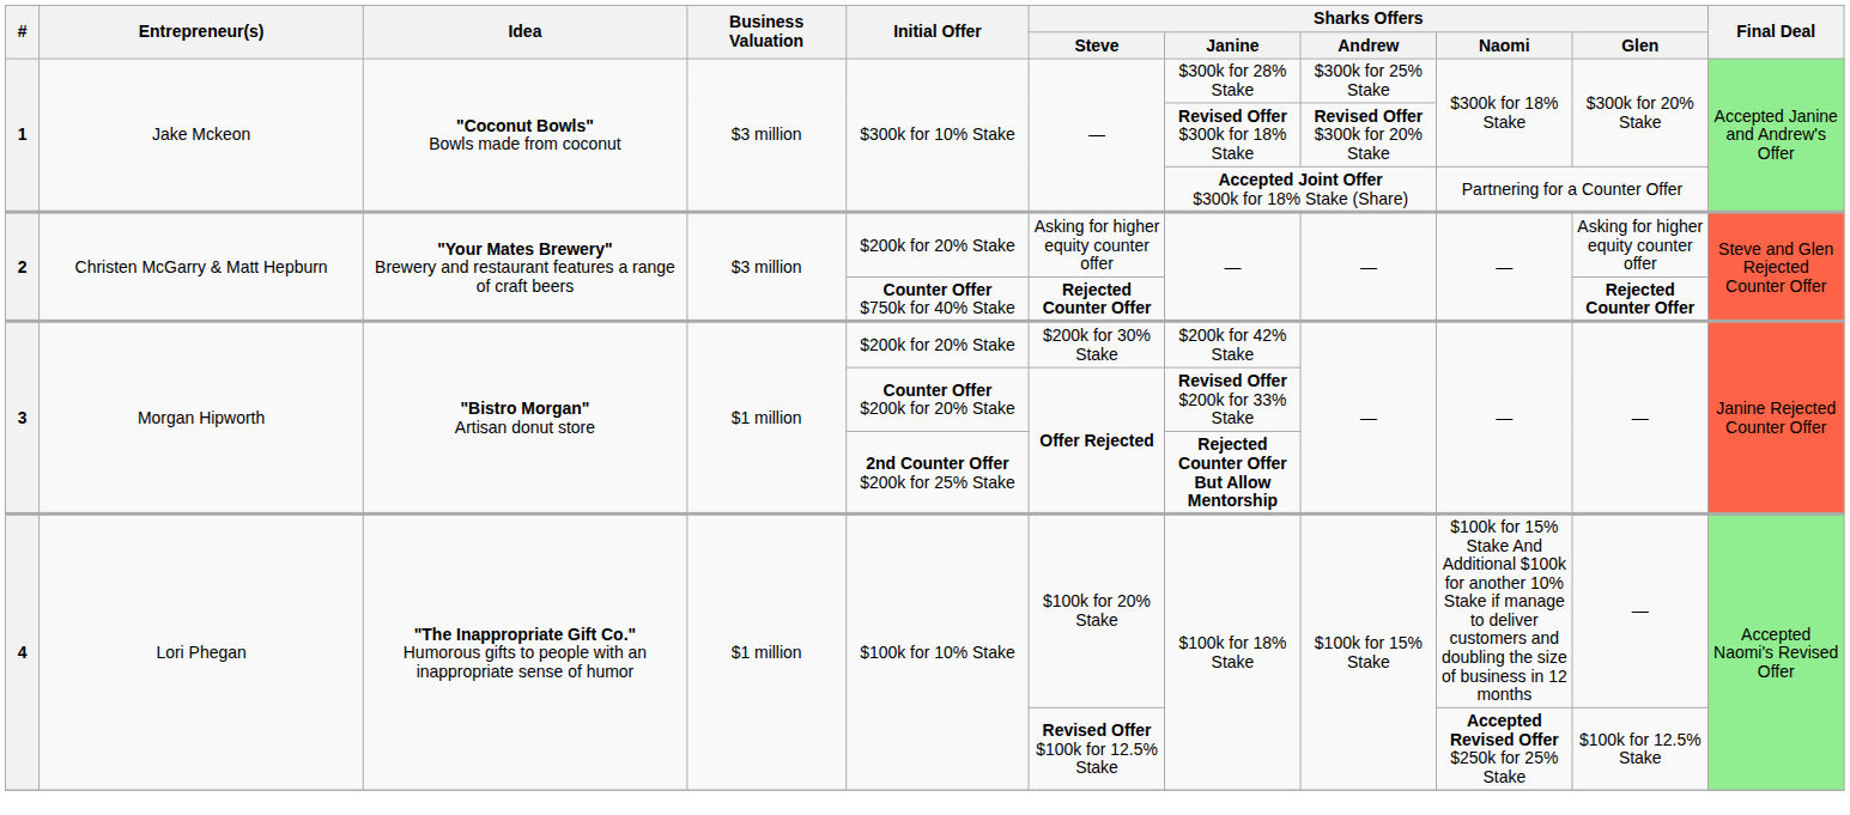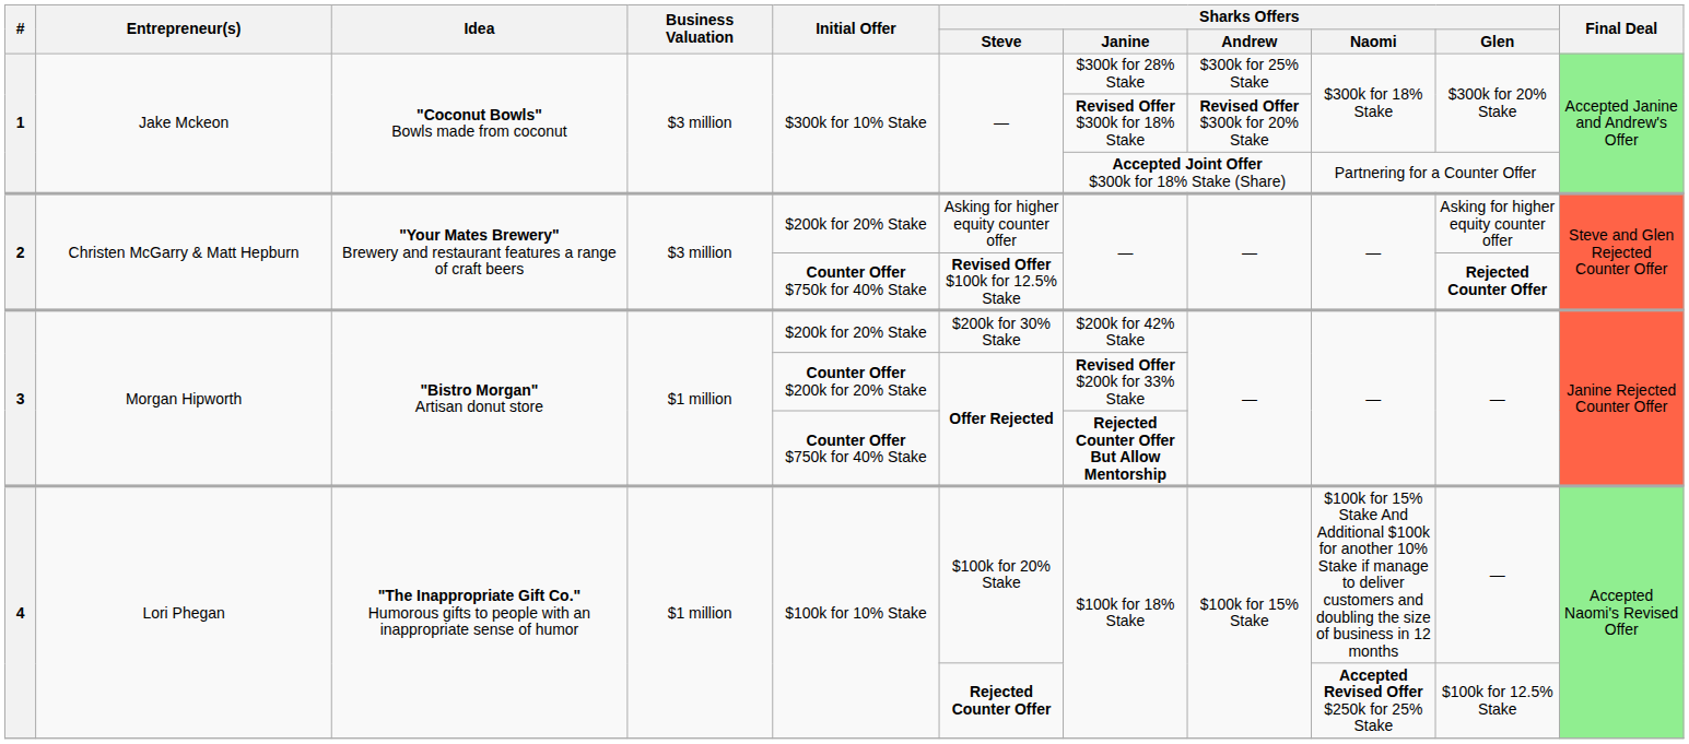 <table class="wikitable plainrowheaders" style="font-size:90%; text-align:center; width: 100%; margin-left: auto; margin-right: auto;">
 <tr>
 <th scope="col" bgcolor="lightgrey" rowspan="2" width="15" align="center">#</th>
 <th scope="col" bgcolor="lightgrey" rowspan="2" width="200" align="center">Entrepreneur(s)</th>
 <th scope="col" bgcolor="lightgrey" rowspan="2" width="200" align="center">Idea</th>
 <th scope="col" bgcolor="lightgrey" rowspan="2" width="95" align="center">Business Valuation</th>
 <th scope="col" bgcolor="lightgrey" rowspan="2" width="110" align="center">Initial Offer</th>
 <th scope="col" bgcolor="lightgrey" colspan="5">Sharks Offers</th>
 <th scope="col" bgcolor="lightgrey" rowspan="2" width="80" align="center">Final Deal</th>
 </tr>
 <tr>
 <th width="80" align="center"><strong>Steve</strong></th>
 <th width="80" align="center"><strong>Janine</strong></th>
 <th width="80" align="center"><strong>Andrew</strong></th>
 <th width="80" align="center"><strong>Naomi</strong></th>
 <th width="80" align="center"><strong>Glen</strong></th>
 </tr>
 <tr>
 <th rowspan="3">1</th>
 <td rowspan="3">Jake Mckeon</td>
 <td rowspan="3"><strong>"Coconut Bowls"</strong><br> Bowls made from coconut</td>
 <td rowspan="3">$3 million</td>
 <td rowspan="3">$300k for 10% Stake</td>
 <td rowspan="3">—</td>
 <td>$300k for 28% Stake</td>
 <td>$300k for 25% Stake</td>
 <td rowspan="2">$300k for 18% Stake</td>
 <td rowspan="2">$300k for 20% Stake</td>
 <td rowspan="3" bgcolor="lightgreen">Accepted Janine and Andrew's Offer</td>
 </tr>
 <tr>
 <td><strong>Revised Offer</strong><br>$300k for 18% Stake</td>
 <td><strong>Revised Offer</strong><br>$300k for 20% Stake</td>
 </tr>
 <tr>
 <td colspan="2"><strong>Accepted Joint Offer</strong><br>$300k for 18% Stake (Share)</td>
 <td colspan="2">Partnering for a Counter Offer</td>
 </tr>
 <tr>
 </tr>
 <tr style="border-top:3px solid #aaa;">
 <th rowspan="2">2</th>
 <td rowspan="2">Christen McGarry & Matt Hepburn</td>
 <td rowspan="2"><strong>"Your Mates Brewery"</strong><br> Brewery and restaurant features a range of craft beers</td>
 <td rowspan="2">$3 million</td>
 <td>$200k for 20% Stake</td>
 <td>Asking for higher equity counter offer</td>
 <td rowspan="2">—</td>
 <td rowspan="2">—</td>
 <td rowspan="2">—</td>
 <td>Asking for higher equity counter offer</td>
 <td rowspan="2" bgcolor="tomato">Steve and Glen Rejected Counter Offer</td>
 </tr>
 <tr>
 <td><strong>Counter Offer</strong><br>$750k for 40% Stake</td>
-<td><strong>Rejected Counter Offer</strong></td>
+<td><strong>Revised Offer</strong><br>$100k for 12.5% Stake</td>
 <td><strong>Rejected Counter Offer</strong></td>
 </tr>
 <tr>
 </tr>
 <tr style="border-top:3px solid #aaa;">
 <th rowspan="3">3</th>
 <td rowspan="3">Morgan Hipworth</td>
 <td rowspan="3"><strong>"Bistro Morgan"</strong><br> Artisan donut store</td>
 <td rowspan="3">$1 million</td>
 <td>$200k for 20% Stake</td>
 <td>$200k for 30% Stake</td>
 <td>$200k for 42% Stake</td>
 <td rowspan="3">—</td>
 <td rowspan="3">—</td>
 <td rowspan="3">—</td>
 <td rowspan="3" bgcolor="tomato">Janine Rejected Counter Offer</td>
 </tr>
 <tr>
 <td><strong>Counter Offer</strong><br>$200k for 20% Stake</td>
 <td rowspan="2"><strong>Offer Rejected</strong></td>
 <td><strong>Revised Offer</strong><br>$200k for 33% Stake</td>
 </tr>
 <tr>
-<td><strong>2nd Counter Offer</strong><br>$200k for 25% Stake</td>
+<td><strong>Counter Offer</strong><br>$750k for 40% Stake</td>
 <td><strong>Rejected Counter Offer But Allow Mentorship</strong></td>
 </tr>
 <tr>
 </tr>
 <tr style="border-top:3px solid #aaa;">
 <th rowspan="2">4</th>
 <td rowspan="2">Lori Phegan</td>
 <td rowspan="2"><strong>"The Inappropriate Gift Co."</strong><br> Humorous gifts to people with an inappropriate sense of humor</td>
 <td rowspan="2">$1 million</td>
 <td rowspan="2">$100k for 10% Stake</td>
 <td>$100k for 20% Stake</td>
 <td rowspan="2">$100k for 18% Stake</td>
 <td rowspan="2">$100k for 15% Stake</td>
 <td>$100k for 15% Stake And Additional $100k for another 10% Stake if manage to deliver customers and doubling the size of business in 12 months</td>
 <td>—</td>
 <td rowspan="2" bgcolor="lightgreen">Accepted Naomi's Revised Offer</td>
 </tr>
 <tr>
-<td><strong>Revised Offer</strong><br>$100k for 12.5% Stake</td>
+<td><strong>Rejected Counter Offer</strong></td>
 <td><strong>Accepted Revised Offer</strong><br>$250k for 25% Stake</td>
 <td>$100k for 12.5% Stake</td>
 </tr>
 <tr>
 </tr>
 </table>
